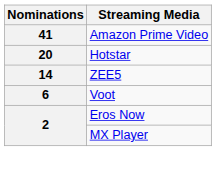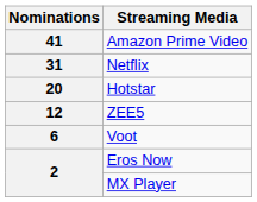 <table class="wikitable" style="display:inline-table;">
 <tr>
 <th>Nominations</th>
 <th>Streaming Media</th>
 </tr>
 <tr>
 <th>41</th>
 <td><a href='#'>Amazon Prime Video</a></td>
 </tr>
 <tr>
+<th>31</th>
+<td><a href='#'>Netflix</a></td>
+</tr>
+<tr>
 <th>20</th>
 <td><a href='#'>Hotstar</a></td>
 </tr>
 <tr>
-<th>14</th>
+<th>12</th>
 <td><a href='#'>ZEE5</a></td>
 </tr>
 <tr>
 <th>6</th>
 <td><a href='#'>Voot</a></td>
 </tr>
 <tr>
 <th rowspan="2">2</th>
 <td><a href='#'>Eros Now</a></td>
 </tr>
 <tr>
 <td><a href='#'>MX Player</a></td>
 </tr>
 </table>
